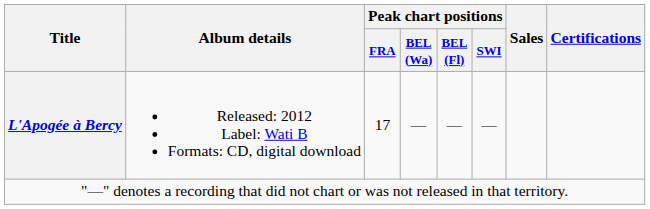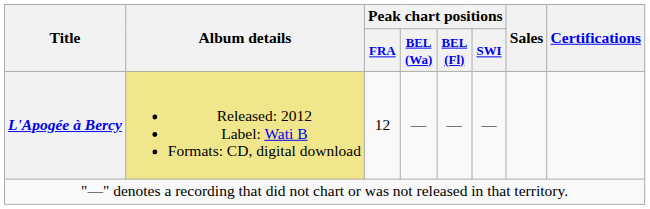 <table class="wikitable plainrowheaders" style="text-align:center;">
 <tr>
 <th rowspan="2">Title</th>
 <th rowspan="2">Album details</th>
 <th colspan="4">Peak chart positions</th>
 <th rowspan="2">Sales</th>
 <th rowspan="2"><a href='#'>Certifications</a></th>
 </tr>
 <tr>
 <th><small><a href='#'>FRA</a></small></th>
 <th><small><a href='#'>BEL</a></small><br><small><a href='#'>(Wa)</a></small></th>
 <th><small><a href='#'>BEL</a></small><br><small><a href='#'>(Fl)</a></small></th>
 <th><small><a href='#'>SWI</a></small></th>
 </tr>
 <tr>
 <th scope="row"><em><a href='#'>L'Apogée à Bercy</a></em></th>
-<td><br><ul><li>Released: 2012</li><li>Label: <a href='#'>Wati B</a></li><li>Formats: CD, digital download</li></ul></td>
-<td>17</td>
+<td style="background: khaki;"><br><ul><li>Released: 2012</li><li>Label: <a href='#'>Wati B</a></li><li>Formats: CD, digital download</li></ul></td>
+<td>12</td>
 <td>—</td>
 <td>—</td>
 <td>—</td>
 <td></td>
 <td></td>
 </tr>
 <tr>
 <td colspan="8">"—" denotes a recording that did not chart or was not released in that territory.</td>
 </tr>
 </table>
